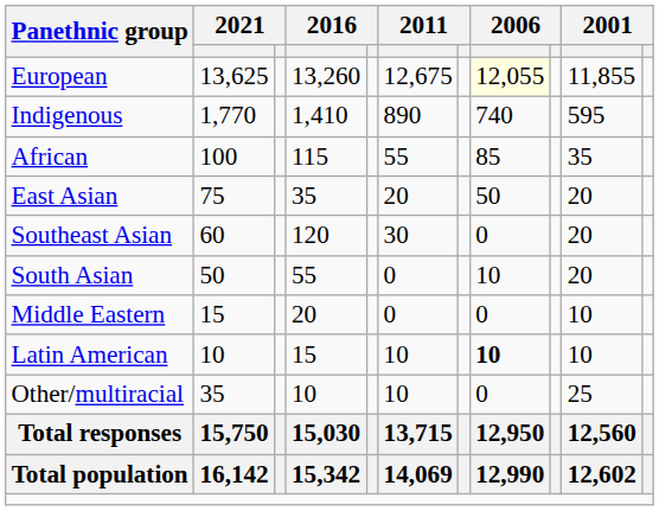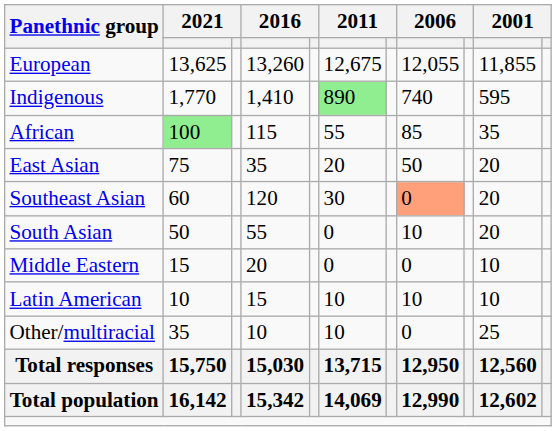 <table class="wikitable collapsible sortable">
 <tr>
 <th rowspan="2"><a href='#'>Panethnic</a> group</th>
 <th colspan="2">2021</th>
 <th colspan="2">2016</th>
 <th colspan="2">2011</th>
 <th colspan="2">2006</th>
 <th colspan="2">2001</th>
 </tr>
 <tr>
 <th><a href='#'></a></th>
 <th></th>
 <th></th>
 <th></th>
 <th></th>
 <th></th>
 <th></th>
 <th></th>
 <th></th>
 <th></th>
 </tr>
 <tr>
 <td><a href='#'>European</a></td>
 <td>13,625</td>
 <td></td>
 <td>13,260</td>
 <td></td>
 <td>12,675</td>
 <td></td>
-<td style="background: lightyellow;">12,055</td>
+<td>12,055</td>
 <td></td>
 <td>11,855</td>
 <td></td>
 </tr>
 <tr>
 <td><a href='#'>Indigenous</a></td>
 <td>1,770</td>
 <td></td>
 <td>1,410</td>
 <td></td>
-<td>890</td>
+<td style="background: lightgreen;">890</td>
 <td></td>
 <td>740</td>
 <td></td>
 <td>595</td>
 <td></td>
 </tr>
 <tr>
 <td><a href='#'>African</a></td>
-<td>100</td>
+<td style="background: lightgreen;">100</td>
 <td></td>
 <td>115</td>
 <td></td>
 <td>55</td>
 <td></td>
 <td>85</td>
 <td></td>
 <td>35</td>
 <td></td>
 </tr>
 <tr>
 <td><a href='#'>East Asian</a></td>
 <td>75</td>
 <td></td>
 <td>35</td>
 <td></td>
 <td>20</td>
 <td></td>
 <td>50</td>
 <td></td>
 <td>20</td>
 <td></td>
 </tr>
 <tr>
 <td><a href='#'>Southeast Asian</a></td>
 <td>60</td>
 <td></td>
 <td>120</td>
 <td></td>
 <td>30</td>
 <td></td>
-<td>0</td>
+<td style="background: lightsalmon;">0</td>
 <td></td>
 <td>20</td>
 <td></td>
 </tr>
 <tr>
 <td><a href='#'>South Asian</a></td>
 <td>50</td>
 <td></td>
 <td>55</td>
 <td></td>
 <td>0</td>
 <td></td>
 <td>10</td>
 <td></td>
 <td>20</td>
 <td></td>
 </tr>
 <tr>
 <td><a href='#'>Middle Eastern</a></td>
 <td>15</td>
 <td></td>
 <td>20</td>
 <td></td>
 <td>0</td>
 <td></td>
 <td>0</td>
 <td></td>
 <td>10</td>
 <td></td>
 </tr>
 <tr>
 <td><a href='#'>Latin American</a></td>
 <td>10</td>
 <td></td>
 <td>15</td>
 <td></td>
 <td>10</td>
 <td></td>
-<td><strong>10</strong></td>
+<td>10</td>
 <td></td>
 <td>10</td>
 <td></td>
 </tr>
 <tr>
 <td>Other/<a href='#'>multiracial</a></td>
 <td>35</td>
 <td></td>
 <td>10</td>
 <td></td>
 <td>10</td>
 <td></td>
 <td>0</td>
 <td></td>
 <td>25</td>
 <td></td>
 </tr>
 <tr>
 <th>Total responses</th>
 <th>15,750</th>
 <th></th>
 <th>15,030</th>
 <th></th>
 <th>13,715</th>
 <th></th>
 <th>12,950</th>
 <th></th>
 <th>12,560</th>
 <th></th>
 </tr>
 <tr class="sortbottom">
 <th>Total population</th>
 <th>16,142</th>
 <th></th>
 <th>15,342</th>
 <th></th>
 <th>14,069</th>
 <th></th>
 <th>12,990</th>
 <th></th>
 <th>12,602</th>
 <th></th>
 </tr>
 <tr class="sortbottom">
 <td colspan="11"></td>
 </tr>
 </table>
